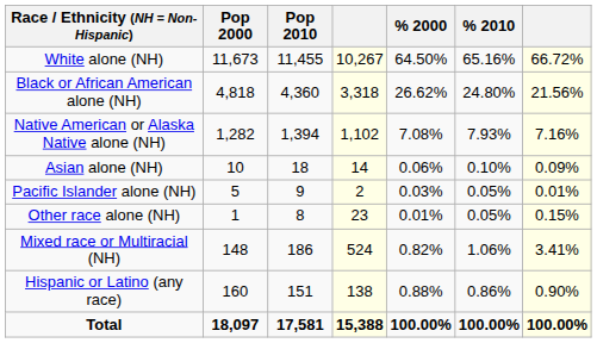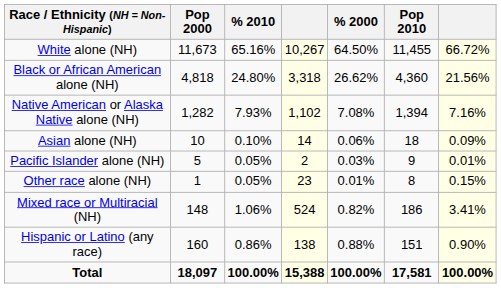 <table class="wikitable" style="text-align:center;">
 <tr>
 <th>Race / Ethnicity <small>(<em>NH = Non-Hispanic</em>)</small></th>
 <th>Pop 2000</th>
-<th>Pop 2010</th>
+<th>% 2010</th>
 <th></th>
 <th>% 2000</th>
-<th>% 2010</th>
+<th>Pop 2010</th>
 <th></th>
 </tr>
 <tr>
 <td><a href='#'>White</a> alone (NH)</td>
 <td>11,673</td>
-<td>11,455</td>
+<td>65.16%</td>
 <td style='background: #ffffe6;'>10,267</td>
 <td>64.50%</td>
-<td>65.16%</td>
+<td>11,455</td>
 <td style='background: #ffffe6;'>66.72%</td>
 </tr>
 <tr>
 <td><a href='#'>Black or African American</a> alone (NH)</td>
 <td>4,818</td>
-<td>4,360</td>
+<td>24.80%</td>
 <td style='background: #ffffe6;'>3,318</td>
 <td>26.62%</td>
-<td>24.80%</td>
+<td>4,360</td>
 <td style='background: #ffffe6;'>21.56%</td>
 </tr>
 <tr>
 <td><a href='#'>Native American</a> or <a href='#'>Alaska Native</a> alone (NH)</td>
 <td>1,282</td>
-<td>1,394</td>
+<td>7.93%</td>
 <td style='background: #ffffe6;'>1,102</td>
 <td>7.08%</td>
-<td>7.93%</td>
+<td>1,394</td>
 <td style='background: #ffffe6;'>7.16%</td>
 </tr>
 <tr>
 <td><a href='#'>Asian</a> alone (NH)</td>
 <td>10</td>
-<td>18</td>
+<td>0.10%</td>
 <td style='background: #ffffe6;'>14</td>
 <td>0.06%</td>
-<td>0.10%</td>
+<td>18</td>
 <td style='background: #ffffe6;'>0.09%</td>
 </tr>
 <tr>
 <td><a href='#'>Pacific Islander</a> alone (NH)</td>
 <td>5</td>
-<td>9</td>
+<td>0.05%</td>
 <td style='background: #ffffe6;'>2</td>
 <td>0.03%</td>
-<td>0.05%</td>
+<td>9</td>
 <td style='background: #ffffe6;'>0.01%</td>
 </tr>
 <tr>
 <td><a href='#'>Other race</a> alone (NH)</td>
 <td>1</td>
-<td>8</td>
+<td>0.05%</td>
 <td style='background: #ffffe6;'>23</td>
 <td>0.01%</td>
-<td>0.05%</td>
+<td>8</td>
 <td style='background: #ffffe6;'>0.15%</td>
 </tr>
 <tr>
 <td><a href='#'>Mixed race or Multiracial</a> (NH)</td>
 <td>148</td>
-<td>186</td>
+<td>1.06%</td>
 <td style='background: #ffffe6;'>524</td>
 <td>0.82%</td>
-<td>1.06%</td>
+<td>186</td>
 <td style='background: #ffffe6;'>3.41%</td>
 </tr>
 <tr>
 <td><a href='#'>Hispanic or Latino</a> (any race)</td>
 <td>160</td>
-<td>151</td>
+<td>0.86%</td>
 <td style='background: #ffffe6;'>138</td>
 <td>0.88%</td>
-<td>0.86%</td>
+<td>151</td>
 <td style='background: #ffffe6;'>0.90%</td>
 </tr>
 <tr>
 <td><strong>Total</strong></td>
 <td><strong>18,097</strong></td>
-<td><strong>17,581</strong></td>
+<td><strong>100.00%</strong></td>
 <td style='background: #ffffe6;'><strong>15,388</strong></td>
 <td><strong>100.00%</strong></td>
-<td><strong>100.00%</strong></td>
+<td><strong>17,581</strong></td>
 <td style='background: #ffffe6;'><strong>100.00%</strong></td>
 </tr>
 </table>
